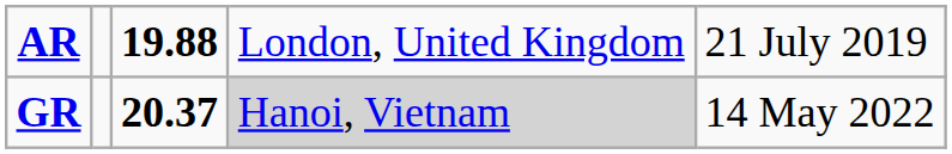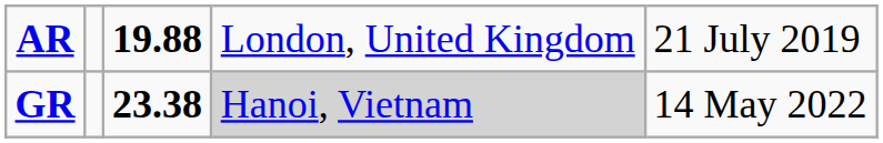 <table class="wikitable" style="font-size:95%; position:relative;">
 <tr>
 <td align=center><strong><a href='#'>AR</a></strong></td>
 <td></td>
 <td><strong>19.88</strong></td>
 <td><a href='#'>London</a>, <a href='#'>United Kingdom</a></td>
 <td>21 July 2019</td>
 </tr>
 <tr>
 <td align=center><strong><a href='#'>GR</a></strong></td>
 <td></td>
-<td><strong>		20.37</strong></td>
+<td><strong>		23.38</strong></td>
 <td style="background: lightgrey;"><a href='#'>Hanoi</a>, <a href='#'>Vietnam</a></td>
 <td>14 May 2022</td>
 </tr>
 </table>
